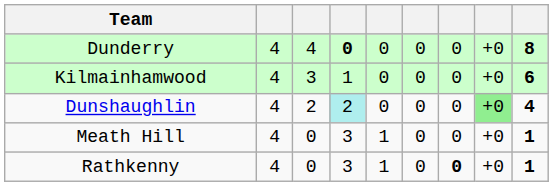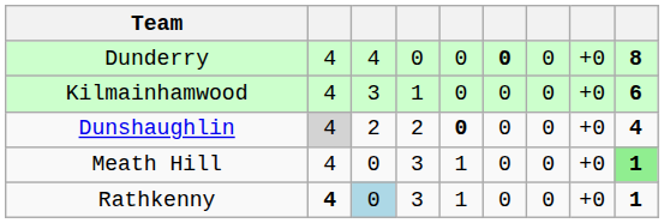 <table class="wikitable" style="text-align:center">
 <tr>
 <th width="175">Team</th>
 <th width="20"></th>
 <th width="20"></th>
 <th width="20"></th>
 <th width="20"></th>
 <th width="20"></th>
 <th width="20"></th>
 <th width="20"></th>
 <th width="20"></th>
 </tr>
 <tr style="background:#cfc;">
 <td>Dunderry</td>
 <td>4</td>
 <td>4</td>
-<td><strong>0</strong></td>
 <td>0</td>
 <td>0</td>
+<td><strong>0</strong></td>
 <td>0</td>
 <td>+0</td>
 <td><strong>8</strong></td>
 </tr>
 <tr style="background:#cfc;">
 <td>Kilmainhamwood</td>
 <td>4</td>
 <td>3</td>
 <td>1</td>
 <td>0</td>
 <td>0</td>
 <td>0</td>
 <td>+0</td>
 <td><strong>6</strong></td>
 </tr>
 <tr>
 <td><a href='#'>Dunshaughlin</a></td>
-<td>4</td>
+<td style="background: lightgrey;">4</td>
 <td>2</td>
-<td style="background: paleturquoise;">2</td>
+<td>2</td>
+<td><strong>0</strong></td>
 <td>0</td>
 <td>0</td>
-<td>0</td>
-<td style="background: lightgreen;">+0</td>
+<td>+0</td>
 <td><strong>4</strong></td>
 </tr>
 <tr>
 <td>Meath Hill</td>
 <td>4</td>
 <td>0</td>
 <td>3</td>
 <td>1</td>
 <td>0</td>
 <td>0</td>
 <td>+0</td>
-<td><strong>1</strong></td>
+<td style="background: lightgreen;"><strong>1</strong></td>
 </tr>
 <tr>
 <td>Rathkenny</td>
-<td>4</td>
-<td>0</td>
+<td><strong>4</strong></td>
+<td style="background: lightblue;">0</td>
 <td>3</td>
 <td>1</td>
 <td>0</td>
-<td><strong>0</strong></td>
+<td>0</td>
 <td>+0</td>
 <td><strong>1</strong></td>
 </tr>
 </table>
